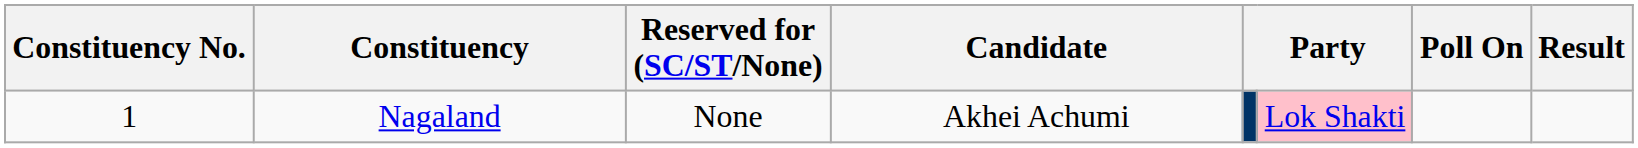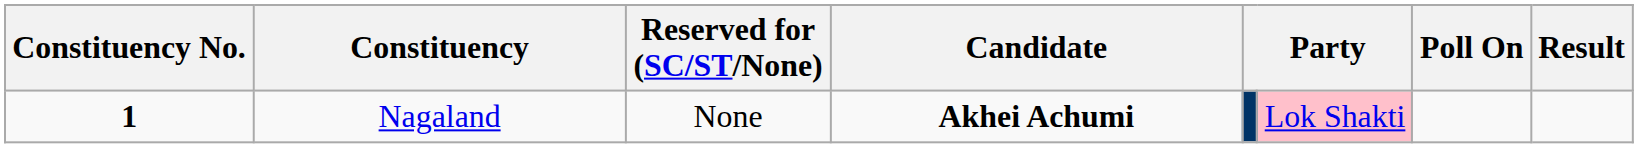 <table class="wikitable sortable" style="text-align:center">
 <tr>
 <th>Constituency No.</th>
 <th style="width:180px;">Constituency</th>
 <th>Reserved for<br>(<a href='#'>SC/ST</a>/None)</th>
 <th style="width:200px;">Candidate</th>
 <th colspan="2">Party</th>
 <th>Poll On</th>
 <th>Result</th>
 </tr>
 <tr>
-<td style="text-align:center;">1</td>
+<td style="text-align:center;"><strong>1</strong></td>
 <td><a href='#'>Nagaland</a></td>
 <td>None</td>
-<td>Akhei Achumi</td>
+<td><strong>Akhei Achumi</strong></td>
 <td bgcolor=#003366></td>
 <td style="background: pink;"><a href='#'>Lok Shakti</a></td>
 <td></td>
 <td></td>
 </tr>
 </table>
